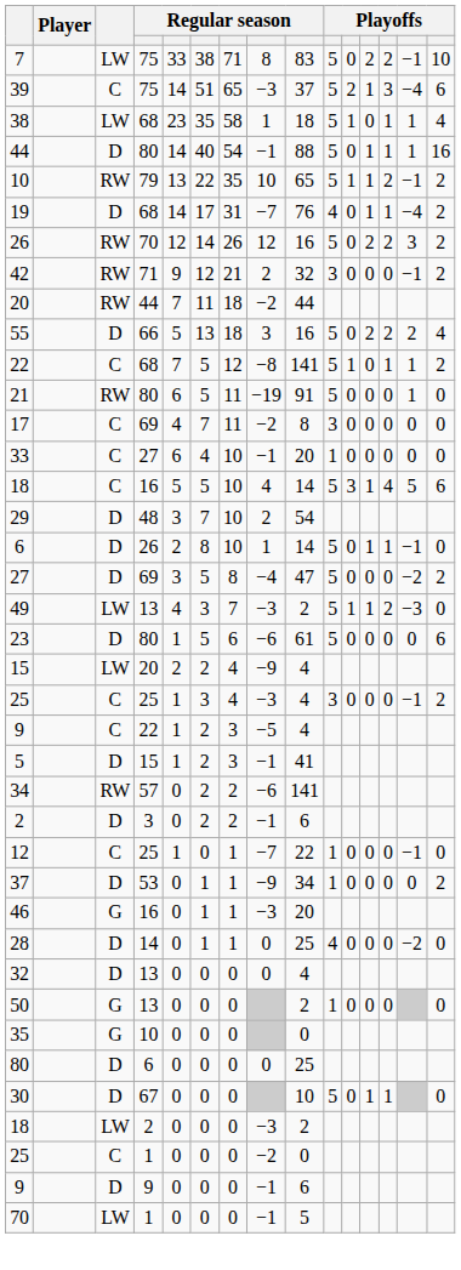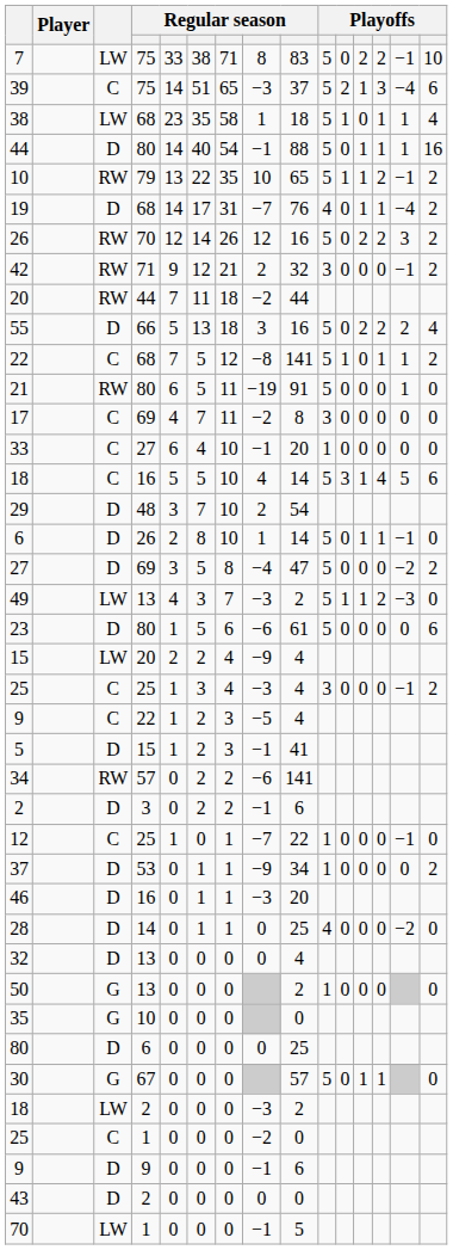 <table class="wikitable sortable plainrowheaders" style="text-align:center;">
 <tr>
 <th scope="col" data-sort-type="number" rowspan="2"></th>
 <th scope="col" rowspan="2">Player</th>
 <th scope="col" rowspan="2"></th>
 <th scope=colgroup colspan=6>Regular season</th>
 <th scope=colgroup colspan=6>Playoffs</th>
 </tr>
 <tr>
 <th scope="col" data-sort-type="number"></th>
 <th scope="col" data-sort-type="number"></th>
 <th scope="col" data-sort-type="number"></th>
 <th scope="col" data-sort-type="number"></th>
 <th scope="col" data-sort-type="number"></th>
 <th scope="col" data-sort-type="number"></th>
 <th scope="col" data-sort-type="number"></th>
 <th scope="col" data-sort-type="number"></th>
 <th scope="col" data-sort-type="number"></th>
 <th scope="col" data-sort-type="number"></th>
 <th scope="col" data-sort-type="number"></th>
 <th scope="col" data-sort-type="number"></th>
 </tr>
 <tr>
 <td scope="row">7</td>
 <td align="left"></td>
 <td>LW</td>
 <td>75</td>
 <td>33</td>
 <td>38</td>
 <td>71</td>
 <td>8</td>
 <td>83</td>
 <td>5</td>
 <td>0</td>
 <td>2</td>
 <td>2</td>
 <td>−1</td>
 <td>10</td>
 </tr>
 <tr>
 <td scope="row">39</td>
 <td align="left"></td>
 <td>C</td>
 <td>75</td>
 <td>14</td>
 <td>51</td>
 <td>65</td>
 <td>−3</td>
 <td>37</td>
 <td>5</td>
 <td>2</td>
 <td>1</td>
 <td>3</td>
 <td>−4</td>
 <td>6</td>
 </tr>
 <tr>
 <td scope="row">38</td>
 <td align="left"></td>
 <td>LW</td>
 <td>68</td>
 <td>23</td>
 <td>35</td>
 <td>58</td>
 <td>1</td>
 <td>18</td>
 <td>5</td>
 <td>1</td>
 <td>0</td>
 <td>1</td>
 <td>1</td>
 <td>4</td>
 </tr>
 <tr>
 <td scope="row">44</td>
 <td align="left"></td>
 <td>D</td>
 <td>80</td>
 <td>14</td>
 <td>40</td>
 <td>54</td>
 <td>−1</td>
 <td>88</td>
 <td>5</td>
 <td>0</td>
 <td>1</td>
 <td>1</td>
 <td>1</td>
 <td>16</td>
 </tr>
 <tr>
 <td scope="row">10</td>
 <td align="left"></td>
 <td>RW</td>
 <td>79</td>
 <td>13</td>
 <td>22</td>
 <td>35</td>
 <td>10</td>
 <td>65</td>
 <td>5</td>
 <td>1</td>
 <td>1</td>
 <td>2</td>
 <td>−1</td>
 <td>2</td>
 </tr>
 <tr>
 <td scope="row">19</td>
 <td align="left"></td>
 <td>D</td>
 <td>68</td>
 <td>14</td>
 <td>17</td>
 <td>31</td>
 <td>−7</td>
 <td>76</td>
 <td>4</td>
 <td>0</td>
 <td>1</td>
 <td>1</td>
 <td>−4</td>
 <td>2</td>
 </tr>
 <tr>
 <td scope="row">26</td>
 <td align="left"></td>
 <td>RW</td>
 <td>70</td>
 <td>12</td>
 <td>14</td>
 <td>26</td>
 <td>12</td>
 <td>16</td>
 <td>5</td>
 <td>0</td>
 <td>2</td>
 <td>2</td>
 <td>3</td>
 <td>2</td>
 </tr>
 <tr>
 <td scope="row">42</td>
 <td align="left"></td>
 <td>RW</td>
 <td>71</td>
 <td>9</td>
 <td>12</td>
 <td>21</td>
 <td>2</td>
 <td>32</td>
 <td>3</td>
 <td>0</td>
 <td>0</td>
 <td>0</td>
 <td>−1</td>
 <td>2</td>
 </tr>
 <tr>
 <td scope="row">20</td>
 <td align="left"></td>
 <td>RW</td>
 <td>44</td>
 <td>7</td>
 <td>11</td>
 <td>18</td>
 <td>−2</td>
 <td>44</td>
 <td></td>
 <td></td>
 <td></td>
 <td></td>
 <td></td>
 <td></td>
 </tr>
 <tr>
 <td scope="row">55</td>
 <td align="left"></td>
 <td>D</td>
 <td>66</td>
 <td>5</td>
 <td>13</td>
 <td>18</td>
 <td>3</td>
 <td>16</td>
 <td>5</td>
 <td>0</td>
 <td>2</td>
 <td>2</td>
 <td>2</td>
 <td>4</td>
 </tr>
 <tr>
 <td scope="row">22</td>
 <td align="left"></td>
 <td>C</td>
 <td>68</td>
 <td>7</td>
 <td>5</td>
 <td>12</td>
 <td>−8</td>
 <td>141</td>
 <td>5</td>
 <td>1</td>
 <td>0</td>
 <td>1</td>
 <td>1</td>
 <td>2</td>
 </tr>
 <tr>
 <td scope="row">21</td>
 <td align="left"></td>
 <td>RW</td>
 <td>80</td>
 <td>6</td>
 <td>5</td>
 <td>11</td>
 <td>−19</td>
 <td>91</td>
 <td>5</td>
 <td>0</td>
 <td>0</td>
 <td>0</td>
 <td>1</td>
 <td>0</td>
 </tr>
 <tr>
 <td scope="row">17</td>
 <td align="left"></td>
 <td>C</td>
 <td>69</td>
 <td>4</td>
 <td>7</td>
 <td>11</td>
 <td>−2</td>
 <td>8</td>
 <td>3</td>
 <td>0</td>
 <td>0</td>
 <td>0</td>
 <td>0</td>
 <td>0</td>
 </tr>
 <tr>
 <td scope="row">33</td>
 <td align="left"></td>
 <td>C</td>
 <td>27</td>
 <td>6</td>
 <td>4</td>
 <td>10</td>
 <td>−1</td>
 <td>20</td>
 <td>1</td>
 <td>0</td>
 <td>0</td>
 <td>0</td>
 <td>0</td>
 <td>0</td>
 </tr>
 <tr>
 <td scope="row">18</td>
 <td align="left"></td>
 <td>C</td>
 <td>16</td>
 <td>5</td>
 <td>5</td>
 <td>10</td>
 <td>4</td>
 <td>14</td>
 <td>5</td>
 <td>3</td>
 <td>1</td>
 <td>4</td>
 <td>5</td>
 <td>6</td>
 </tr>
 <tr>
 <td scope="row">29</td>
 <td align="left"></td>
 <td>D</td>
 <td>48</td>
 <td>3</td>
 <td>7</td>
 <td>10</td>
 <td>2</td>
 <td>54</td>
 <td></td>
 <td></td>
 <td></td>
 <td></td>
 <td></td>
 <td></td>
 </tr>
 <tr>
 <td scope="row">6</td>
 <td align="left"></td>
 <td>D</td>
 <td>26</td>
 <td>2</td>
 <td>8</td>
 <td>10</td>
 <td>1</td>
 <td>14</td>
 <td>5</td>
 <td>0</td>
 <td>1</td>
 <td>1</td>
 <td>−1</td>
 <td>0</td>
 </tr>
 <tr>
 <td scope="row">27</td>
 <td align="left"></td>
 <td>D</td>
 <td>69</td>
 <td>3</td>
 <td>5</td>
 <td>8</td>
 <td>−4</td>
 <td>47</td>
 <td>5</td>
 <td>0</td>
 <td>0</td>
 <td>0</td>
 <td>−2</td>
 <td>2</td>
 </tr>
 <tr>
 <td scope="row">49</td>
 <td align="left"></td>
 <td>LW</td>
 <td>13</td>
 <td>4</td>
 <td>3</td>
 <td>7</td>
 <td>−3</td>
 <td>2</td>
 <td>5</td>
 <td>1</td>
 <td>1</td>
 <td>2</td>
 <td>−3</td>
 <td>0</td>
 </tr>
 <tr>
 <td scope="row">23</td>
 <td align="left"></td>
 <td>D</td>
 <td>80</td>
 <td>1</td>
 <td>5</td>
 <td>6</td>
 <td>−6</td>
 <td>61</td>
 <td>5</td>
 <td>0</td>
 <td>0</td>
 <td>0</td>
 <td>0</td>
 <td>6</td>
 </tr>
 <tr>
 <td scope="row">15</td>
 <td align="left"></td>
 <td>LW</td>
 <td>20</td>
 <td>2</td>
 <td>2</td>
 <td>4</td>
 <td>−9</td>
 <td>4</td>
 <td></td>
 <td></td>
 <td></td>
 <td></td>
 <td></td>
 <td></td>
 </tr>
 <tr>
 <td scope="row">25</td>
 <td align="left"></td>
 <td>C</td>
 <td>25</td>
 <td>1</td>
 <td>3</td>
 <td>4</td>
 <td>−3</td>
 <td>4</td>
 <td>3</td>
 <td>0</td>
 <td>0</td>
 <td>0</td>
 <td>−1</td>
 <td>2</td>
 </tr>
 <tr>
 <td scope="row">9</td>
 <td align="left"></td>
 <td>C</td>
 <td>22</td>
 <td>1</td>
 <td>2</td>
 <td>3</td>
 <td>−5</td>
 <td>4</td>
 <td></td>
 <td></td>
 <td></td>
 <td></td>
 <td></td>
 <td></td>
 </tr>
 <tr>
 <td scope="row">5</td>
 <td align="left"></td>
 <td>D</td>
 <td>15</td>
 <td>1</td>
 <td>2</td>
 <td>3</td>
 <td>−1</td>
 <td>41</td>
 <td></td>
 <td></td>
 <td></td>
 <td></td>
 <td></td>
 <td></td>
 </tr>
 <tr>
 <td scope="row">34</td>
 <td align="left"></td>
 <td>RW</td>
 <td>57</td>
 <td>0</td>
 <td>2</td>
 <td>2</td>
 <td>−6</td>
 <td>141</td>
 <td></td>
 <td></td>
 <td></td>
 <td></td>
 <td></td>
 <td></td>
 </tr>
 <tr>
 <td scope="row">2</td>
 <td align="left"></td>
 <td>D</td>
 <td>3</td>
 <td>0</td>
 <td>2</td>
 <td>2</td>
 <td>−1</td>
 <td>6</td>
 <td></td>
 <td></td>
 <td></td>
 <td></td>
 <td></td>
 <td></td>
 </tr>
 <tr>
 <td scope="row">12</td>
 <td align="left"></td>
 <td>C</td>
 <td>25</td>
 <td>1</td>
 <td>0</td>
 <td>1</td>
 <td>−7</td>
 <td>22</td>
 <td>1</td>
 <td>0</td>
 <td>0</td>
 <td>0</td>
 <td>−1</td>
 <td>0</td>
 </tr>
 <tr>
 <td scope="row">37</td>
 <td align="left"></td>
 <td>D</td>
 <td>53</td>
 <td>0</td>
 <td>1</td>
 <td>1</td>
 <td>−9</td>
 <td>34</td>
 <td>1</td>
 <td>0</td>
 <td>0</td>
 <td>0</td>
 <td>0</td>
 <td>2</td>
 </tr>
 <tr>
 <td scope="row">46</td>
 <td align="left"></td>
-<td>G</td>
+<td>D</td>
 <td>16</td>
 <td>0</td>
 <td>1</td>
 <td>1</td>
 <td>−3</td>
 <td>20</td>
 <td></td>
 <td></td>
 <td></td>
 <td></td>
 <td></td>
 <td></td>
 </tr>
 <tr>
 <td scope="row">28</td>
 <td align="left"></td>
 <td>D</td>
 <td>14</td>
 <td>0</td>
 <td>1</td>
 <td>1</td>
 <td>0</td>
 <td>25</td>
 <td>4</td>
 <td>0</td>
 <td>0</td>
 <td>0</td>
 <td>−2</td>
 <td>0</td>
 </tr>
 <tr>
 <td scope="row">32</td>
 <td align="left"></td>
 <td>D</td>
 <td>13</td>
 <td>0</td>
 <td>0</td>
 <td>0</td>
 <td>0</td>
 <td>4</td>
 <td></td>
 <td></td>
 <td></td>
 <td></td>
 <td></td>
 <td></td>
 </tr>
 <tr>
 <td scope="row">50</td>
 <td align="left"></td>
 <td>G</td>
 <td>13</td>
 <td>0</td>
 <td>0</td>
 <td>0</td>
 <td style="background:#ccc"></td>
 <td>2</td>
 <td>1</td>
 <td>0</td>
 <td>0</td>
 <td>0</td>
 <td style="background:#ccc"></td>
 <td>0</td>
 </tr>
 <tr>
 <td scope="row">35</td>
 <td align="left"></td>
 <td>G</td>
 <td>10</td>
 <td>0</td>
 <td>0</td>
 <td>0</td>
 <td style="background:#ccc"></td>
 <td>0</td>
 <td></td>
 <td></td>
 <td></td>
 <td></td>
 <td></td>
 <td></td>
 </tr>
 <tr>
 <td scope="row">80</td>
 <td align="left"></td>
 <td>D</td>
 <td>6</td>
 <td>0</td>
 <td>0</td>
 <td>0</td>
 <td>0</td>
 <td>25</td>
 <td></td>
 <td></td>
 <td></td>
 <td></td>
 <td></td>
 <td></td>
 </tr>
 <tr>
 <td scope="row">30</td>
 <td align="left"></td>
-<td>D</td>
+<td>G</td>
 <td>67</td>
 <td>0</td>
 <td>0</td>
 <td>0</td>
 <td style="background:#ccc"></td>
-<td>10</td>
+<td>57</td>
 <td>5</td>
 <td>0</td>
 <td>1</td>
 <td>1</td>
 <td style="background:#ccc"></td>
 <td>0</td>
 </tr>
 <tr>
 <td scope="row">18</td>
 <td align="left"></td>
 <td>LW</td>
 <td>2</td>
 <td>0</td>
 <td>0</td>
 <td>0</td>
 <td>−3</td>
 <td>2</td>
 <td></td>
 <td></td>
 <td></td>
 <td></td>
 <td></td>
 <td></td>
 </tr>
 <tr>
 <td scope="row">25</td>
 <td align="left"></td>
 <td>C</td>
 <td>1</td>
 <td>0</td>
 <td>0</td>
 <td>0</td>
 <td>−2</td>
 <td>0</td>
 <td></td>
 <td></td>
 <td></td>
 <td></td>
 <td></td>
 <td></td>
 </tr>
 <tr>
 <td scope="row">9</td>
 <td align="left"></td>
 <td>D</td>
 <td>9</td>
 <td>0</td>
 <td>0</td>
 <td>0</td>
 <td>−1</td>
 <td>6</td>
 <td></td>
 <td></td>
 <td></td>
 <td></td>
 <td></td>
 <td></td>
 </tr>
 <tr>
+<td scope="row">43</td>
+<td align="left"></td>
+<td>D</td>
+<td>2</td>
+<td>0</td>
+<td>0</td>
+<td>0</td>
+<td>0</td>
+<td>0</td>
+<td></td>
+<td></td>
+<td></td>
+<td></td>
+<td></td>
+<td></td>
+</tr>
+<tr>
 <td scope="row">70</td>
 <td align="left"></td>
 <td>LW</td>
 <td>1</td>
 <td>0</td>
 <td>0</td>
 <td>0</td>
 <td>−1</td>
 <td>5</td>
 <td></td>
 <td></td>
 <td></td>
 <td></td>
 <td></td>
 <td></td>
 </tr>
 </table>
